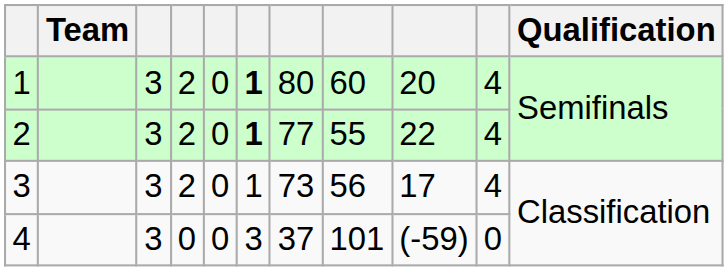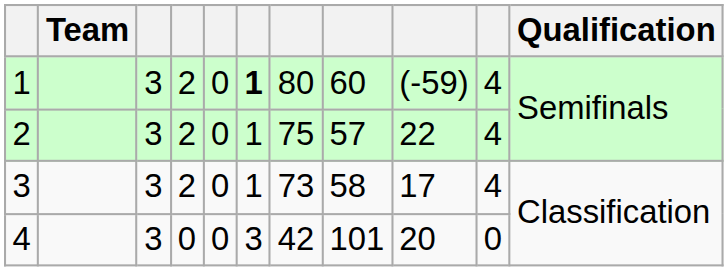 <table class="wikitable">
 <tr>
 <th></th>
 <th>Team</th>
 <th></th>
 <th></th>
 <th></th>
 <th></th>
 <th></th>
 <th></th>
 <th></th>
 <th></th>
 <th>Qualification</th>
 </tr>
 <tr bgcolor=ccffcc>
 <td>1</td>
 <td></td>
 <td>3</td>
 <td>2</td>
 <td>0</td>
 <td><strong>1</strong></td>
 <td>80</td>
 <td>60</td>
-<td>20</td>
+<td>(-59)</td>
 <td>4</td>
 <td rowspan=2>Semifinals</td>
 </tr>
 <tr bgcolor=ccffcc>
 <td>2</td>
 <td></td>
 <td>3</td>
 <td>2</td>
 <td>0</td>
-<td><strong>1</strong></td>
-<td>77</td>
-<td>55</td>
+<td>1</td>
+<td>75</td>
+<td>57</td>
 <td>22</td>
 <td>4</td>
 </tr>
 <tr>
 <td>3</td>
 <td></td>
 <td>3</td>
 <td>2</td>
 <td>0</td>
 <td>1</td>
 <td>73</td>
-<td>56</td>
+<td>58</td>
 <td>17</td>
 <td>4</td>
 <td rowspan=2>Classification</td>
 </tr>
 <tr>
 <td>4</td>
 <td></td>
 <td>3</td>
 <td>0</td>
 <td>0</td>
 <td>3</td>
-<td>37</td>
+<td>42</td>
 <td>101</td>
-<td>(-59)</td>
+<td>20</td>
 <td>0</td>
 </tr>
 </table>
